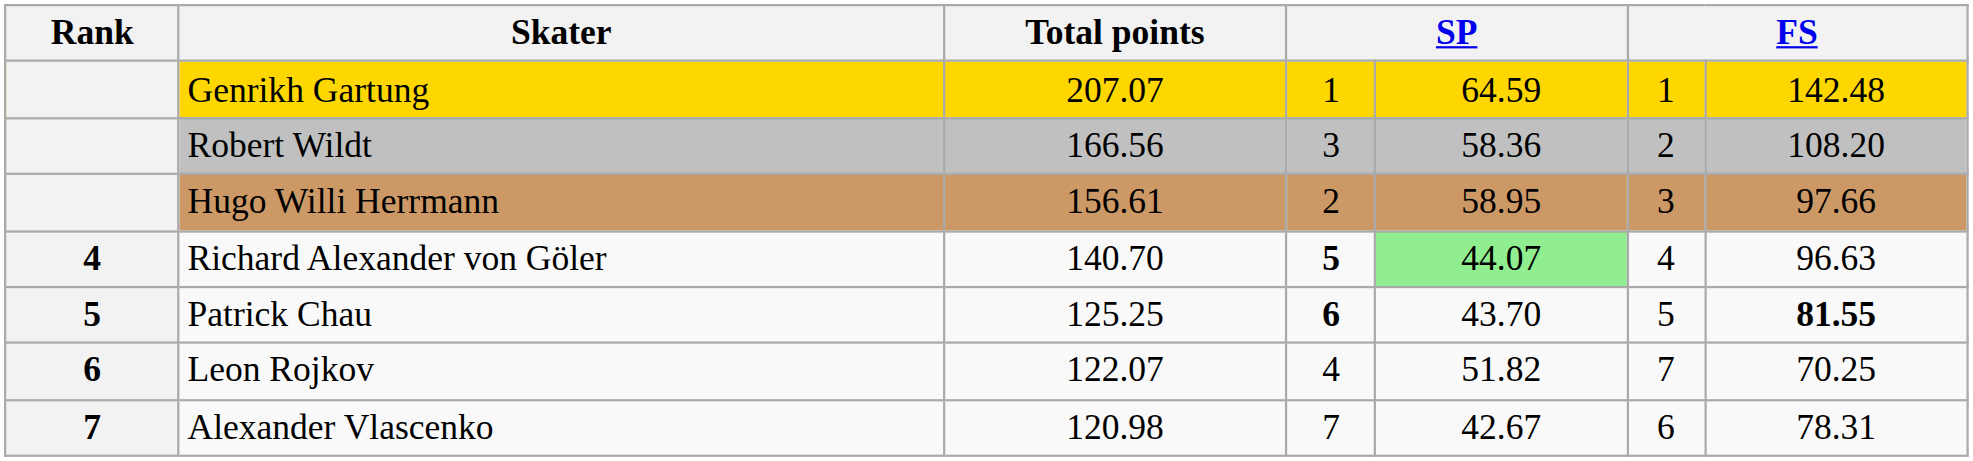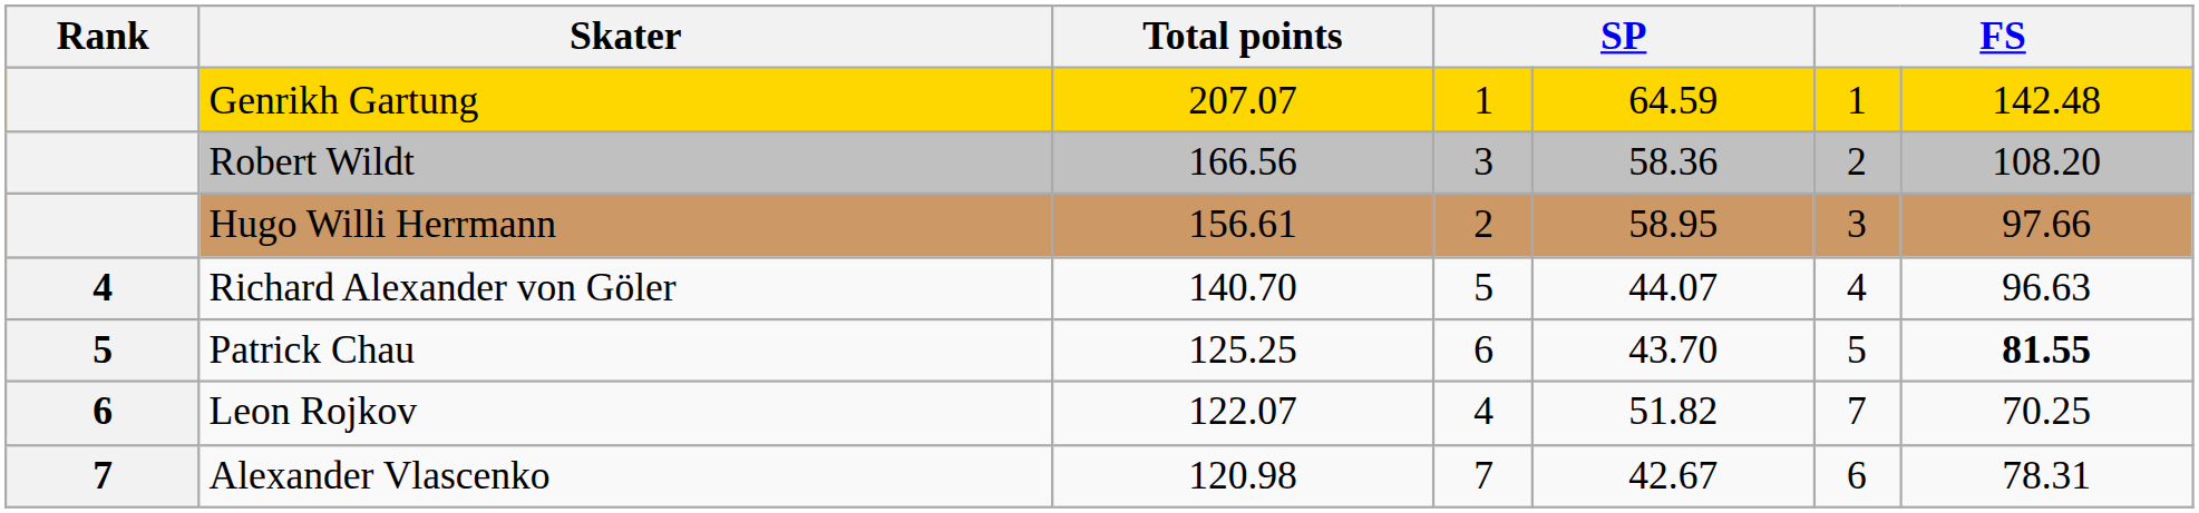 <table class="wikitable sortable" style="text-align:center;" width="70%">
 <tr>
 <th scope="col">Rank</th>
 <th scope="col">Skater</th>
 <th scope="col">Total points</th>
 <th scope="col" colspan="2" width="80px"><a href='#'>SP</a></th>
 <th scope="col" colspan="2" width="80px"><a href='#'>FS</a></th>
 </tr>
 <tr bgcolor="gold">
 <th scope="row"></th>
 <td align="left">Genrikh Gartung</td>
 <td>207.07</td>
 <td>1</td>
 <td>64.59</td>
 <td>1</td>
 <td>142.48</td>
 </tr>
 <tr bgcolor="silver">
 <th scope="row"></th>
 <td align="left">Robert Wildt</td>
 <td>166.56</td>
 <td>3</td>
 <td>58.36</td>
 <td>2</td>
 <td>108.20</td>
 </tr>
 <tr bgcolor="cc9966">
 <th scope="row"></th>
 <td align="left">Hugo Willi Herrmann</td>
 <td>156.61</td>
 <td>2</td>
 <td>58.95</td>
 <td>3</td>
 <td>97.66</td>
 </tr>
 <tr>
 <th scope="row">4</th>
 <td align="left">Richard Alexander von Göler</td>
 <td>140.70</td>
-<td><strong>5</strong></td>
-<td style="background: lightgreen;">44.07</td>
+<td>5</td>
+<td>44.07</td>
 <td>4</td>
 <td>96.63</td>
 </tr>
 <tr>
 <th scope="row">5</th>
 <td align="left">Patrick Chau</td>
 <td>125.25</td>
-<td><strong>6</strong></td>
+<td>6</td>
 <td>43.70</td>
 <td>5</td>
 <td><strong>81.55</strong></td>
 </tr>
 <tr>
 <th scope="row">6</th>
 <td align="left">Leon Rojkov</td>
 <td>122.07</td>
 <td>4</td>
 <td>51.82</td>
 <td>7</td>
 <td>70.25</td>
 </tr>
 <tr>
 <th scope="row">7</th>
 <td align="left">Alexander Vlascenko</td>
 <td>120.98</td>
 <td>7</td>
 <td>42.67</td>
 <td>6</td>
 <td>78.31</td>
 </tr>
 </table>
